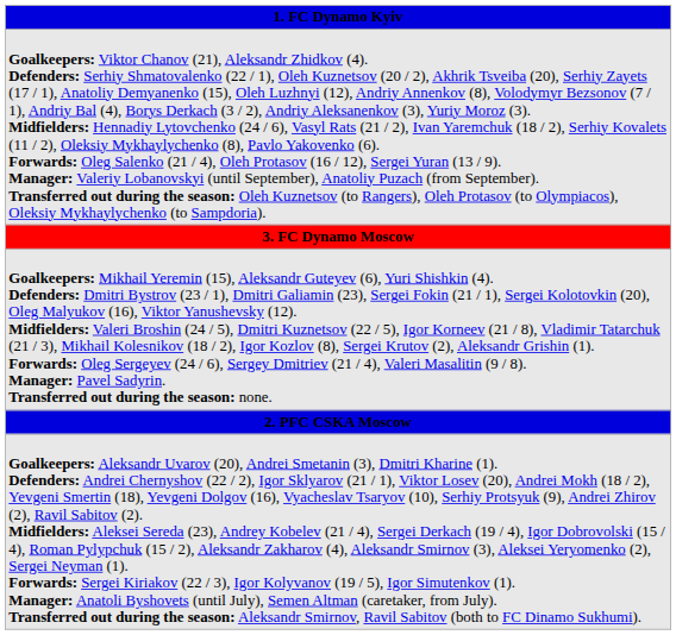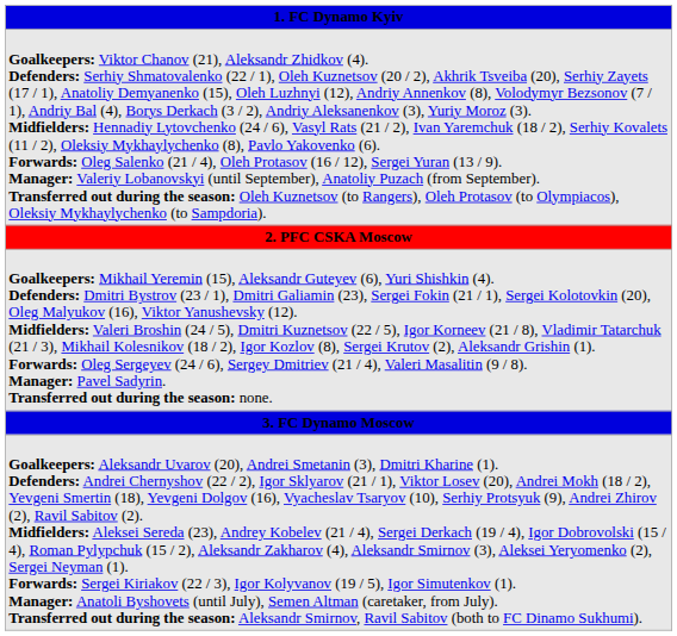 <table class="wikitable" style="width:700px;">
 <tr style="background:#00d;">
 <td style="text-align:center; width:700px;"><span> <strong>1. FC Dynamo Kyiv</strong> </span></td>
 </tr>
 <tr style="background:#e8e8e8;">
 <td style="text-align:left; width:700px;"><br><strong>Goalkeepers:</strong> <a href='#'>Viktor Chanov</a> (21), <a href='#'>Aleksandr Zhidkov</a> (4).<br> <strong>Defenders:</strong> <a href='#'>Serhiy Shmatovalenko</a> (22 / 1), <a href='#'>Oleh Kuznetsov</a> (20 / 2), <a href='#'>Akhrik Tsveiba</a> (20), <a href='#'>Serhiy Zayets</a> (17 / 1), <a href='#'>Anatoliy Demyanenko</a> (15), <a href='#'>Oleh Luzhnyi</a> (12), <a href='#'>Andriy Annenkov</a> (8), <a href='#'>Volodymyr Bezsonov</a> (7 / 1), <a href='#'>Andriy Bal</a> (4), <a href='#'>Borys Derkach</a> (3 / 2), <a href='#'>Andriy Aleksanenkov</a> (3), <a href='#'>Yuriy Moroz</a> (3).<br> <strong>Midfielders:</strong> <a href='#'>Hennadiy Lytovchenko</a> (24 / 6), <a href='#'>Vasyl Rats</a> (21 / 2), <a href='#'>Ivan Yaremchuk</a> (18 / 2), <a href='#'>Serhiy Kovalets</a> (11 / 2), <a href='#'>Oleksiy Mykhaylychenko</a> (8), <a href='#'>Pavlo Yakovenko</a> (6).<br> <strong>Forwards:</strong> <a href='#'>Oleg Salenko</a> (21 / 4), <a href='#'>Oleh Protasov</a> (16 / 12), <a href='#'>Sergei Yuran</a> (13 / 9).<br><strong>Manager:</strong> <a href='#'>Valeriy Lobanovskyi</a> (until September), <a href='#'>Anatoliy Puzach</a> (from September).<br><strong>Transferred out during the season:</strong> <a href='#'>Oleh Kuznetsov</a> (to  <a href='#'>Rangers</a>), <a href='#'>Oleh Protasov</a> (to  <a href='#'>Olympiacos</a>), <a href='#'>Oleksiy Mykhaylychenko</a> (to  <a href='#'>Sampdoria</a>).</td>
 </tr>
 <tr style="background:#f00;">
-<td style="text-align:center; width:700px;"><span> <strong>3. FC Dynamo Moscow</strong> </span></td>
+<td style="text-align:center; width:700px;"><span> <strong>2. PFC CSKA Moscow</strong> </span></td>
 </tr>
 <tr style="background:#e8e8e8;">
 <td style="text-align:left; width:700px;"><br><strong>Goalkeepers:</strong> <a href='#'>Mikhail Yeremin</a> (15), <a href='#'>Aleksandr Guteyev</a> (6), <a href='#'>Yuri Shishkin</a> (4).<br> <strong>Defenders:</strong> <a href='#'>Dmitri Bystrov</a> (23 / 1), <a href='#'>Dmitri Galiamin</a> (23), <a href='#'>Sergei Fokin</a> (21 / 1), <a href='#'>Sergei Kolotovkin</a> (20), <a href='#'>Oleg Malyukov</a> (16), <a href='#'>Viktor Yanushevsky</a> (12).<br> <strong>Midfielders:</strong> <a href='#'>Valeri Broshin</a> (24 / 5), <a href='#'>Dmitri Kuznetsov</a> (22 / 5), <a href='#'>Igor Korneev</a> (21 / 8), <a href='#'>Vladimir Tatarchuk</a> (21 / 3), <a href='#'>Mikhail Kolesnikov</a> (18 / 2), <a href='#'>Igor Kozlov</a> (8), <a href='#'>Sergei Krutov</a> (2), <a href='#'>Aleksandr Grishin</a> (1).<br> <strong>Forwards:</strong> <a href='#'>Oleg Sergeyev</a> (24 / 6), <a href='#'>Sergey Dmitriev</a> (21 / 4), <a href='#'>Valeri Masalitin</a> (9 / 8).<br><strong>Manager:</strong> <a href='#'>Pavel Sadyrin</a>.<br><strong>Transferred out during the season:</strong> none.</td>
 </tr>
 <tr style="background:#00d;">
-<td style="text-align:center; width:700px;"><span> <strong>2. PFC CSKA Moscow</strong> </span></td>
+<td style="text-align:center; width:700px;"><span> <strong>3. FC Dynamo Moscow</strong> </span></td>
 </tr>
 <tr style="background:#e8e8e8;">
 <td style="text-align:left; width:700px;"><br><strong>Goalkeepers:</strong> <a href='#'>Aleksandr Uvarov</a> (20), <a href='#'>Andrei Smetanin</a> (3), <a href='#'>Dmitri Kharine</a> (1).<br> <strong>Defenders:</strong> <a href='#'>Andrei Chernyshov</a> (22 / 2), <a href='#'>Igor Sklyarov</a> (21 / 1), <a href='#'>Viktor Losev</a> (20), <a href='#'>Andrei Mokh</a> (18 / 2), <a href='#'>Yevgeni Smertin</a> (18), <a href='#'>Yevgeni Dolgov</a> (16), <a href='#'>Vyacheslav Tsaryov</a> (10), <a href='#'>Serhiy Protsyuk</a> (9), <a href='#'>Andrei Zhirov</a> (2), <a href='#'>Ravil Sabitov</a> (2).<br> <strong>Midfielders:</strong> <a href='#'>Aleksei Sereda</a> (23), <a href='#'>Andrey Kobelev</a> (21 / 4), <a href='#'>Sergei Derkach</a> (19 / 4), <a href='#'>Igor Dobrovolski</a> (15 / 4), <a href='#'>Roman Pylypchuk</a> (15 / 2), <a href='#'>Aleksandr Zakharov</a> (4), <a href='#'>Aleksandr Smirnov</a> (3), <a href='#'>Aleksei Yeryomenko</a> (2), <a href='#'>Sergei Neyman</a> (1).<br> <strong>Forwards:</strong> <a href='#'>Sergei Kiriakov</a> (22 / 3), <a href='#'>Igor Kolyvanov</a> (19 / 5), <a href='#'>Igor Simutenkov</a> (1).<br><strong>Manager:</strong> <a href='#'>Anatoli Byshovets</a> (until July), <a href='#'>Semen Altman</a> (caretaker, from July).<br><strong>Transferred out during the season:</strong> <a href='#'>Aleksandr Smirnov</a>, <a href='#'>Ravil Sabitov</a> (both to <a href='#'>FC Dinamo Sukhumi</a>).</td>
 </tr>
 </table>
